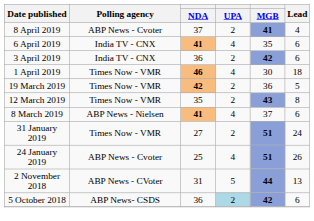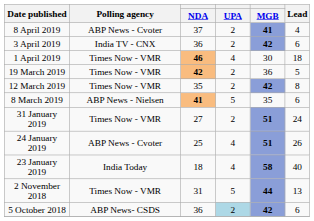 <table class="wikitable sortable" style="text-align:center;font-size:95%;line-height:16px">
 <tr>
 <th rowspan="2" width="100px">Date published</th>
 <th rowspan="2" width="175px">Polling agency</th>
 <th style="background:"></th>
 <th style="background:"></th>
 <th style="background:"></th>
 <th rowspan="2">Lead</th>
 </tr>
 <tr>
 <th width="50px" class="unsortable"><a href='#'>NDA</a></th>
 <th width="50px" class="unsortable"><a href='#'>UPA</a></th>
 <th width="50px" class="unsortable"><a href='#'>MGB</a></th>
 </tr>
 <tr>
 <td>8 April 2019</td>
 <td>ABP News - Cvoter</td>
 <td>37</td>
 <td>2</td>
 <td style="background:#8A9ED8"><strong>41</strong></td>
 <td style="background:">4</td>
-</tr>
-<tr>
-<td>6 April 2019</td>
-<td>India TV - CNX</td>
-<td style="background:#F9BC7F"><strong>41</strong></td>
-<td>4</td>
-<td>35</td>
-<td style="background:">6</td>
 </tr>
 <tr>
 <td>3 April 2019</td>
 <td>India TV - CNX</td>
 <td>36</td>
 <td>2</td>
 <td style="background:#8A9ED8"><strong>42</strong></td>
 <td style="background:">6</td>
 </tr>
 <tr>
 <td>1 April 2019</td>
 <td>Times Now - VMR</td>
 <td style="background:#F9BC7F"><strong>46</strong></td>
 <td>4</td>
 <td>30</td>
 <td style="background:">18</td>
 </tr>
 <tr>
 <td>19 March 2019</td>
 <td>Times Now - VMR</td>
 <td style="background:#F9BC7F"><strong>42</strong></td>
 <td>2</td>
 <td>36</td>
 <td style="background:">5</td>
 </tr>
 <tr>
 <td>12 March 2019</td>
 <td>Times Now - VMR</td>
 <td>35</td>
 <td>2</td>
-<td style="background:#8A9ED8"><strong>43</strong></td>
+<td style="background:#8A9ED8"><strong>42</strong></td>
 <td style="background:">8</td>
 </tr>
 <tr>
 <td>8 March 2019</td>
 <td>ABP News - Nielsen</td>
 <td style="background:#F9BC7F"><strong>41</strong></td>
-<td>4</td>
-<td>37</td>
+<td>5</td>
+<td>35</td>
 <td style="background:">6</td>
 </tr>
 <tr>
 <td>31 January 2019</td>
 <td>Times Now - VMR</td>
 <td>27</td>
 <td>2</td>
 <td style="background:#8A9ED8"><strong>51</strong></td>
 <td style="background:">24</td>
 </tr>
 <tr>
 <td>24 January 2019</td>
 <td>ABP News - Cvoter</td>
 <td>25</td>
 <td>4</td>
 <td style="background:#8A9ED8"><strong>51</strong></td>
 <td style="background:">26</td>
 </tr>
 <tr>
+<td>23 January 2019</td>
+<td>India Today</td>
+<td>18</td>
+<td>4</td>
+<td style="background:#8A9ED8"><strong>58</strong></td>
+<td style="background:">40</td>
+</tr>
+<tr>
 <td>2 November 2018</td>
-<td>ABP News - CVoter</td>
+<td>Times Now - VMR</td>
 <td>31</td>
 <td>5</td>
 <td style="background:#8A9ED8"><strong>44</strong></td>
 <td style="background:">13</td>
 </tr>
 <tr>
 <td>5 October 2018</td>
 <td>ABP News- CSDS</td>
 <td>36</td>
 <td style="background: lightblue;">2</td>
 <td style="background:#8A9ED8"><strong>42</strong></td>
 <td style="background:">6</td>
 </tr>
 <tr>
 </tr>
 </table>
